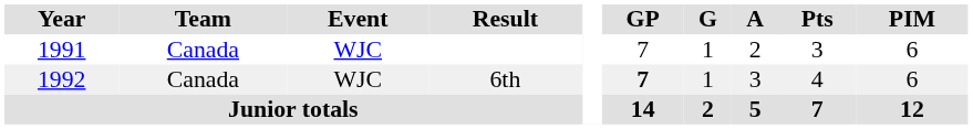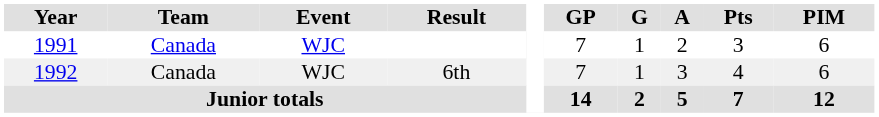 <table border="0" cellpadding="1" cellspacing="0" style="text-align:center; width:40em">
 <tr ALIGN="center" bgcolor="#e0e0e0">
 <th>Year</th>
 <th>Team</th>
 <th>Event</th>
 <th>Result</th>
 <th ALIGN="center" rowspan="99" bgcolor="#ffffff"> </th>
 <th>GP</th>
 <th>G</th>
 <th>A</th>
 <th>Pts</th>
 <th>PIM</th>
 </tr>
 <tr>
 </tr>
 <tr>
 <td><a href='#'>1991</a></td>
 <td><a href='#'>Canada</a></td>
 <td><a href='#'>WJC</a></td>
 <td></td>
 <td>7</td>
 <td>1</td>
 <td>2</td>
 <td>3</td>
 <td>6</td>
 </tr>
 <tr bgcolor="#f0f0f0">
 <td><a href='#'>1992</a></td>
 <td>Canada</td>
 <td>WJC</td>
 <td>6th</td>
-<td><strong>7</strong></td>
+<td>7</td>
 <td>1</td>
 <td>3</td>
 <td>4</td>
 <td>6</td>
 </tr>
 <tr bgcolor="#e0e0e0">
 <th colspan="4">Junior totals</th>
 <th>14</th>
 <th>2</th>
 <th>5</th>
 <th>7</th>
 <th>12</th>
 </tr>
 </table>
